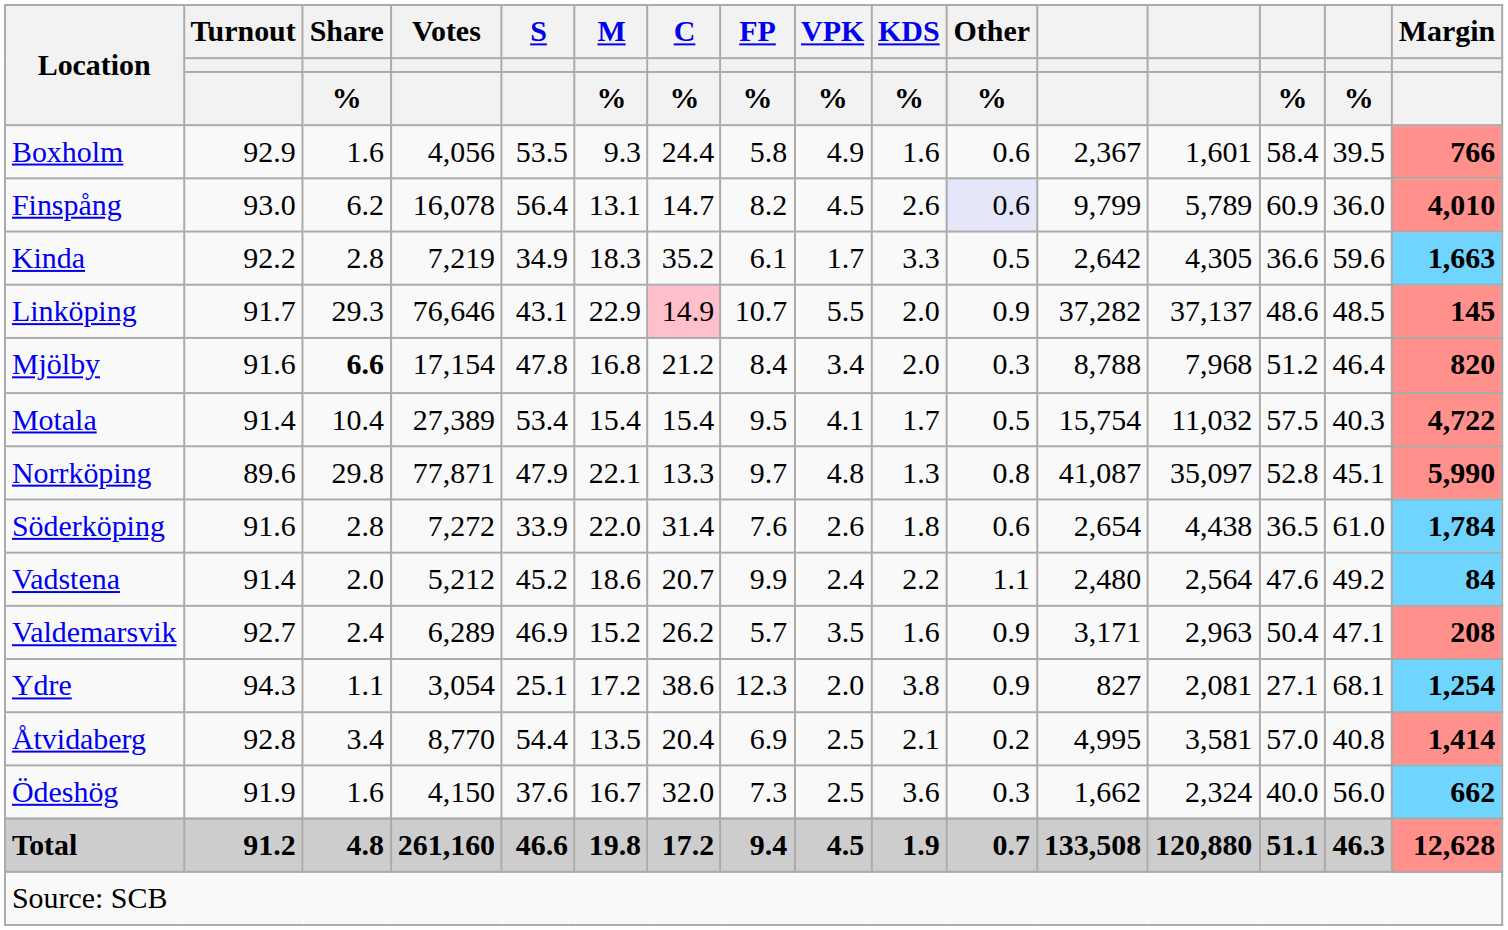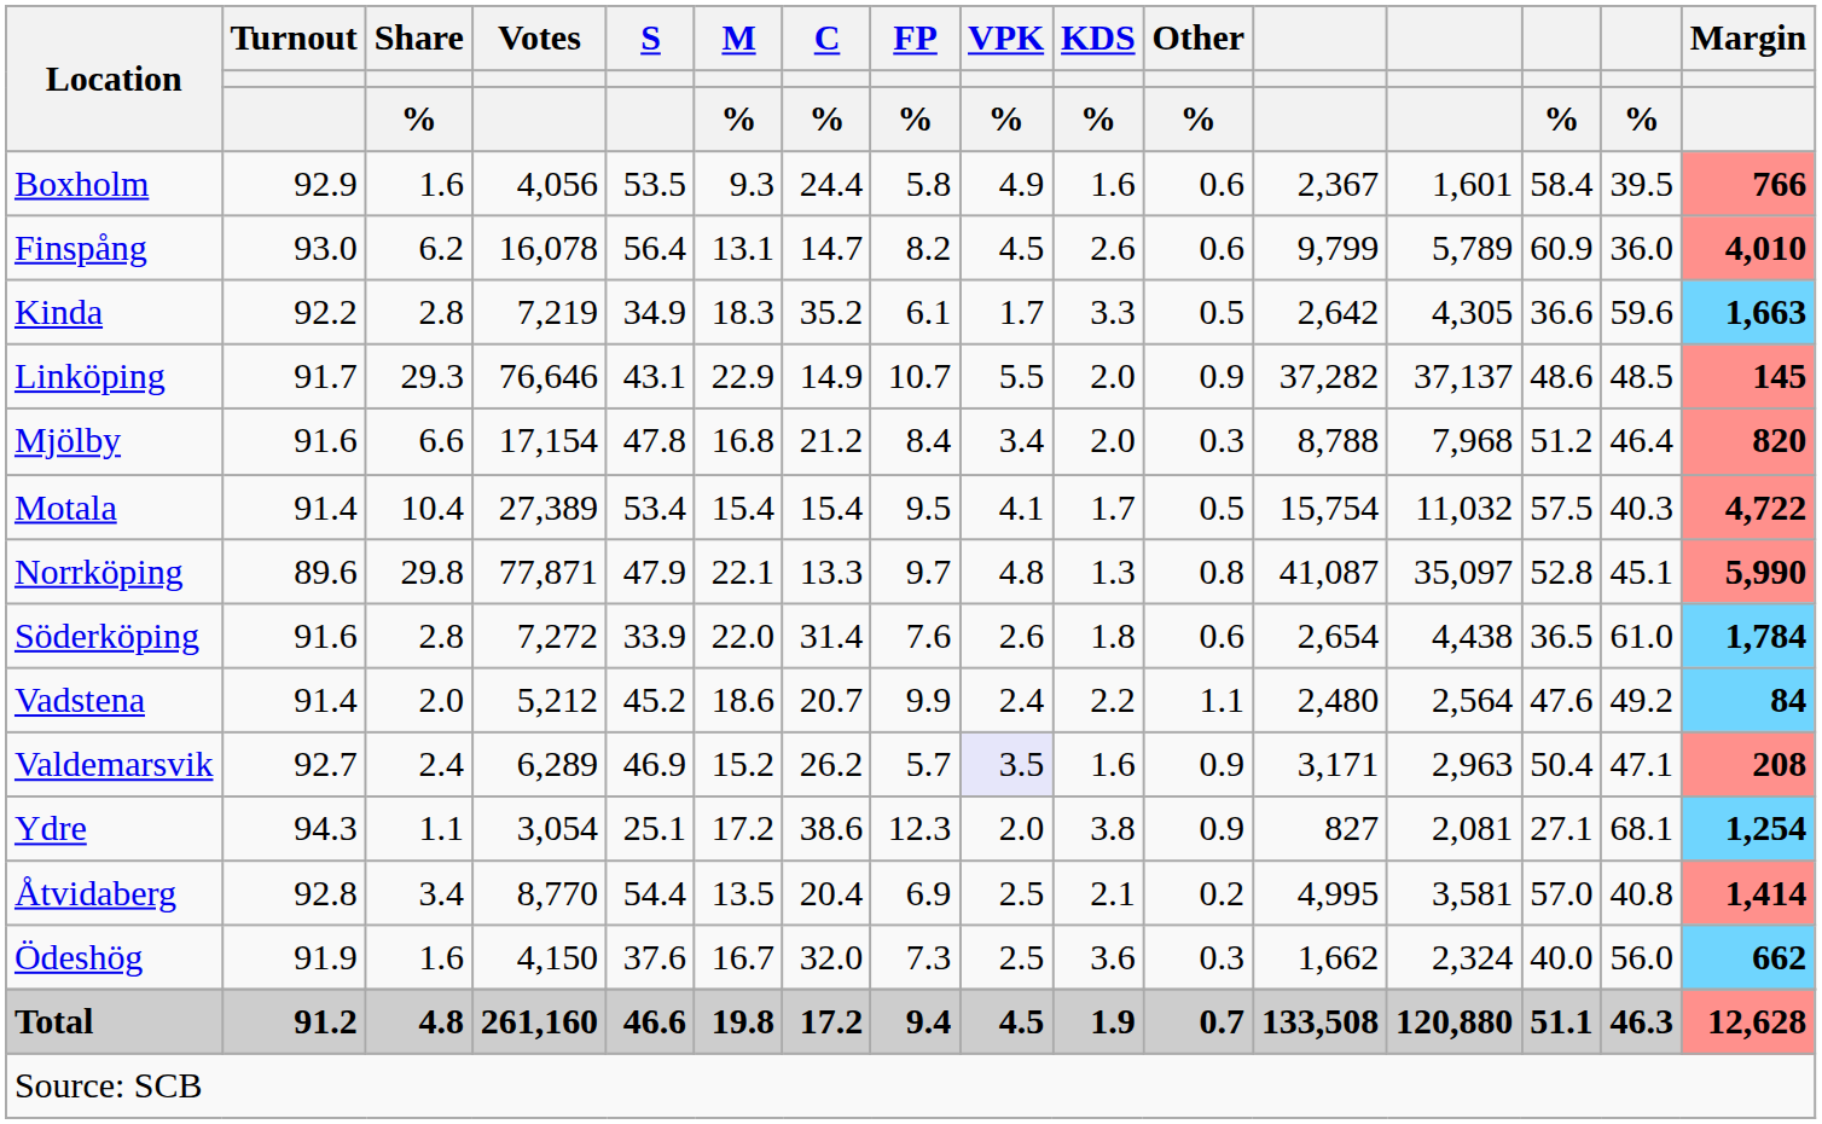 <table class="wikitable sortable" style="text-align:right; font-size:95%; line-height:20px;">
 <tr>
 <th rowspan="3">Location</th>
 <th>Turnout</th>
 <th>Share</th>
 <th>Votes</th>
 <th width="30px" class="unsortable"><a href='#'>S</a></th>
 <th width="30px" class="unsortable"><a href='#'>M</a></th>
 <th width="30px" class="unsortable"><a href='#'>C</a></th>
 <th width="30px" class="unsortable"><a href='#'>FP</a></th>
 <th width="30px" class="unsortable"><a href='#'>VPK</a></th>
 <th width="30px" class="unsortable"><a href='#'>KDS</a></th>
 <th width="30px" class="unsortable">Other</th>
 <th></th>
 <th></th>
 <th></th>
 <th></th>
 <th>Margin</th>
 </tr>
 <tr>
 <th></th>
 <th></th>
 <th></th>
 <th style="background:"></th>
 <th style="background:"></th>
 <th style="background:"></th>
 <th style="background:"></th>
 <th style="background:"></th>
 <th style="background:"></th>
 <th style="background:"></th>
 <th style="background:"></th>
 <th style="background:"></th>
 <th style="background:"></th>
 <th style="background:"></th>
 <th></th>
 </tr>
 <tr>
 <th></th>
 <th data-sort-type="number">%</th>
 <th data-sort-type="number"></th>
 <th></th>
 <th data-sort-type="number">%</th>
 <th data-sort-type="number">%</th>
 <th data-sort-type="number">%</th>
 <th data-sort-type="number">%</th>
 <th data-sort-type="number">%</th>
 <th data-sort-type="number">%</th>
 <th data-sort-type="number"></th>
 <th data-sort-type="number"></th>
 <th data-sort-type="number">%</th>
 <th data-sort-type="number">%</th>
 <th data-sort-type="number"></th>
 </tr>
 <tr>
 <td align=left><a href='#'>Boxholm</a></td>
 <td>92.9</td>
 <td>1.6</td>
 <td>4,056</td>
 <td>53.5</td>
 <td>9.3</td>
 <td>24.4</td>
 <td>5.8</td>
 <td>4.9</td>
 <td>1.6</td>
 <td>0.6</td>
 <td>2,367</td>
 <td>1,601</td>
 <td>58.4</td>
 <td>39.5</td>
 <td bgcolor=#ff908c><strong>766</strong></td>
 </tr>
 <tr>
 <td align=left><a href='#'>Finspång</a></td>
 <td>93.0</td>
 <td>6.2</td>
 <td>16,078</td>
 <td>56.4</td>
 <td>13.1</td>
 <td>14.7</td>
 <td>8.2</td>
 <td>4.5</td>
 <td>2.6</td>
-<td style="background: lavender;">0.6</td>
+<td>0.6</td>
 <td>9,799</td>
 <td>5,789</td>
 <td>60.9</td>
 <td>36.0</td>
 <td bgcolor=#ff908c><strong>4,010</strong></td>
 </tr>
 <tr>
 <td align=left><a href='#'>Kinda</a></td>
 <td>92.2</td>
 <td>2.8</td>
 <td>7,219</td>
 <td>34.9</td>
 <td>18.3</td>
 <td>35.2</td>
 <td>6.1</td>
 <td>1.7</td>
 <td>3.3</td>
 <td>0.5</td>
 <td>2,642</td>
 <td>4,305</td>
 <td>36.6</td>
 <td>59.6</td>
 <td bgcolor=#6fd5fe><strong>1,663</strong></td>
 </tr>
 <tr>
 <td align=left><a href='#'>Linköping</a></td>
 <td>91.7</td>
 <td>29.3</td>
 <td>76,646</td>
 <td>43.1</td>
 <td>22.9</td>
-<td style="background: pink;">14.9</td>
+<td>14.9</td>
 <td>10.7</td>
 <td>5.5</td>
 <td>2.0</td>
 <td>0.9</td>
 <td>37,282</td>
 <td>37,137</td>
 <td>48.6</td>
 <td>48.5</td>
 <td bgcolor=#ff908c><strong>145</strong></td>
 </tr>
 <tr>
 <td align=left><a href='#'>Mjölby</a></td>
 <td>91.6</td>
-<td><strong>6.6</strong></td>
+<td>6.6</td>
 <td>17,154</td>
 <td>47.8</td>
 <td>16.8</td>
 <td>21.2</td>
 <td>8.4</td>
 <td>3.4</td>
 <td>2.0</td>
 <td>0.3</td>
 <td>8,788</td>
 <td>7,968</td>
 <td>51.2</td>
 <td>46.4</td>
 <td bgcolor=#ff908c><strong>820</strong></td>
 </tr>
 <tr>
 <td align=left><a href='#'>Motala</a></td>
 <td>91.4</td>
 <td>10.4</td>
 <td>27,389</td>
 <td>53.4</td>
 <td>15.4</td>
 <td>15.4</td>
 <td>9.5</td>
 <td>4.1</td>
 <td>1.7</td>
 <td>0.5</td>
 <td>15,754</td>
 <td>11,032</td>
 <td>57.5</td>
 <td>40.3</td>
 <td bgcolor=#ff908c><strong>4,722</strong></td>
 </tr>
 <tr>
 <td align=left><a href='#'>Norrköping</a></td>
 <td>89.6</td>
 <td>29.8</td>
 <td>77,871</td>
 <td>47.9</td>
 <td>22.1</td>
 <td>13.3</td>
 <td>9.7</td>
 <td>4.8</td>
 <td>1.3</td>
 <td>0.8</td>
 <td>41,087</td>
 <td>35,097</td>
 <td>52.8</td>
 <td>45.1</td>
 <td bgcolor=#ff908c><strong>5,990</strong></td>
 </tr>
 <tr>
 <td align=left><a href='#'>Söderköping</a></td>
 <td>91.6</td>
 <td>2.8</td>
 <td>7,272</td>
 <td>33.9</td>
 <td>22.0</td>
 <td>31.4</td>
 <td>7.6</td>
 <td>2.6</td>
 <td>1.8</td>
 <td>0.6</td>
 <td>2,654</td>
 <td>4,438</td>
 <td>36.5</td>
 <td>61.0</td>
 <td bgcolor=#6fd5fe><strong>1,784</strong></td>
 </tr>
 <tr>
 <td align=left><a href='#'>Vadstena</a></td>
 <td>91.4</td>
 <td>2.0</td>
 <td>5,212</td>
 <td>45.2</td>
 <td>18.6</td>
 <td>20.7</td>
 <td>9.9</td>
 <td>2.4</td>
 <td>2.2</td>
 <td>1.1</td>
 <td>2,480</td>
 <td>2,564</td>
 <td>47.6</td>
 <td>49.2</td>
 <td bgcolor=#6fd5fe><strong>84</strong></td>
 </tr>
 <tr>
 <td align=left><a href='#'>Valdemarsvik</a></td>
 <td>92.7</td>
 <td>2.4</td>
 <td>6,289</td>
 <td>46.9</td>
 <td>15.2</td>
 <td>26.2</td>
 <td>5.7</td>
-<td>3.5</td>
+<td style="background: lavender;">3.5</td>
 <td>1.6</td>
 <td>0.9</td>
 <td>3,171</td>
 <td>2,963</td>
 <td>50.4</td>
 <td>47.1</td>
 <td bgcolor=#ff908c><strong>208</strong></td>
 </tr>
 <tr>
 <td align=left><a href='#'>Ydre</a></td>
 <td>94.3</td>
 <td>1.1</td>
 <td>3,054</td>
 <td>25.1</td>
 <td>17.2</td>
 <td>38.6</td>
 <td>12.3</td>
 <td>2.0</td>
 <td>3.8</td>
 <td>0.9</td>
 <td>827</td>
 <td>2,081</td>
 <td>27.1</td>
 <td>68.1</td>
 <td bgcolor=#6fd5fe><strong>1,254</strong></td>
 </tr>
 <tr>
 <td align=left><a href='#'>Åtvidaberg</a></td>
 <td>92.8</td>
 <td>3.4</td>
 <td>8,770</td>
 <td>54.4</td>
 <td>13.5</td>
 <td>20.4</td>
 <td>6.9</td>
 <td>2.5</td>
 <td>2.1</td>
 <td>0.2</td>
 <td>4,995</td>
 <td>3,581</td>
 <td>57.0</td>
 <td>40.8</td>
 <td bgcolor=#ff908c><strong>1,414</strong></td>
 </tr>
 <tr>
 <td align=left><a href='#'>Ödeshög</a></td>
 <td>91.9</td>
 <td>1.6</td>
 <td>4,150</td>
 <td>37.6</td>
 <td>16.7</td>
 <td>32.0</td>
 <td>7.3</td>
 <td>2.5</td>
 <td>3.6</td>
 <td>0.3</td>
 <td>1,662</td>
 <td>2,324</td>
 <td>40.0</td>
 <td>56.0</td>
 <td bgcolor=#6fd5fe><strong>662</strong></td>
 </tr>
 <tr>
 </tr>
 <tr style="background:#CDCDCD;">
 <td align=left><strong>Total</strong></td>
 <td><strong>91.2</strong></td>
 <td><strong>4.8</strong></td>
 <td><strong>261,160</strong></td>
 <td><strong>46.6</strong></td>
 <td><strong>19.8</strong></td>
 <td><strong>17.2</strong></td>
 <td><strong>9.4</strong></td>
 <td><strong>4.5</strong></td>
 <td><strong>1.9</strong></td>
 <td><strong>0.7</strong></td>
 <td><strong>133,508</strong></td>
 <td><strong>120,880</strong></td>
 <td><strong>51.1</strong></td>
 <td><strong>46.3</strong></td>
 <td bgcolor=#ff908c><strong>12,628</strong></td>
 </tr>
 <tr>
 <td align=left colspan=16>Source: SCB </td>
 </tr>
 </table>
